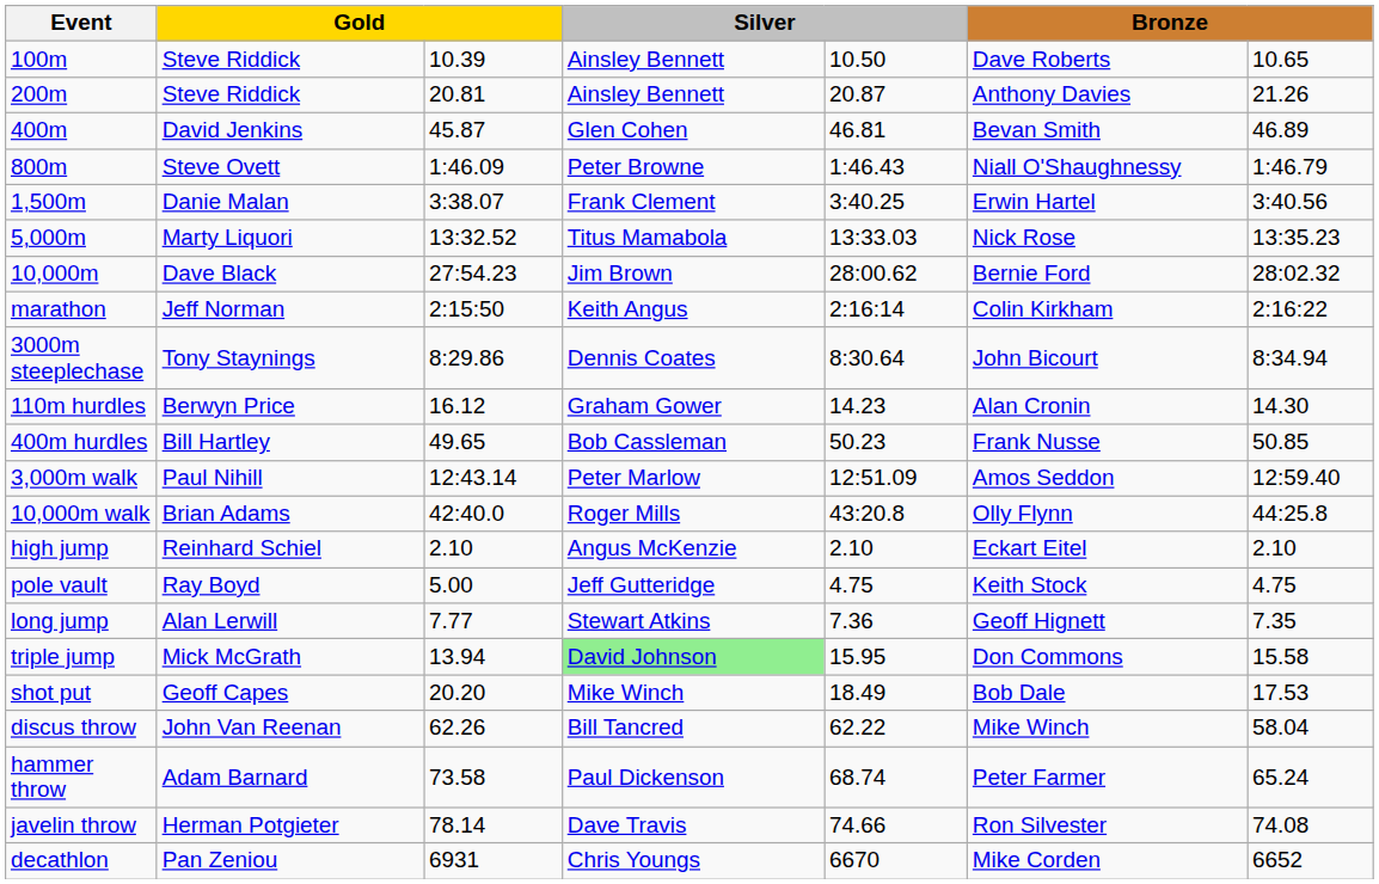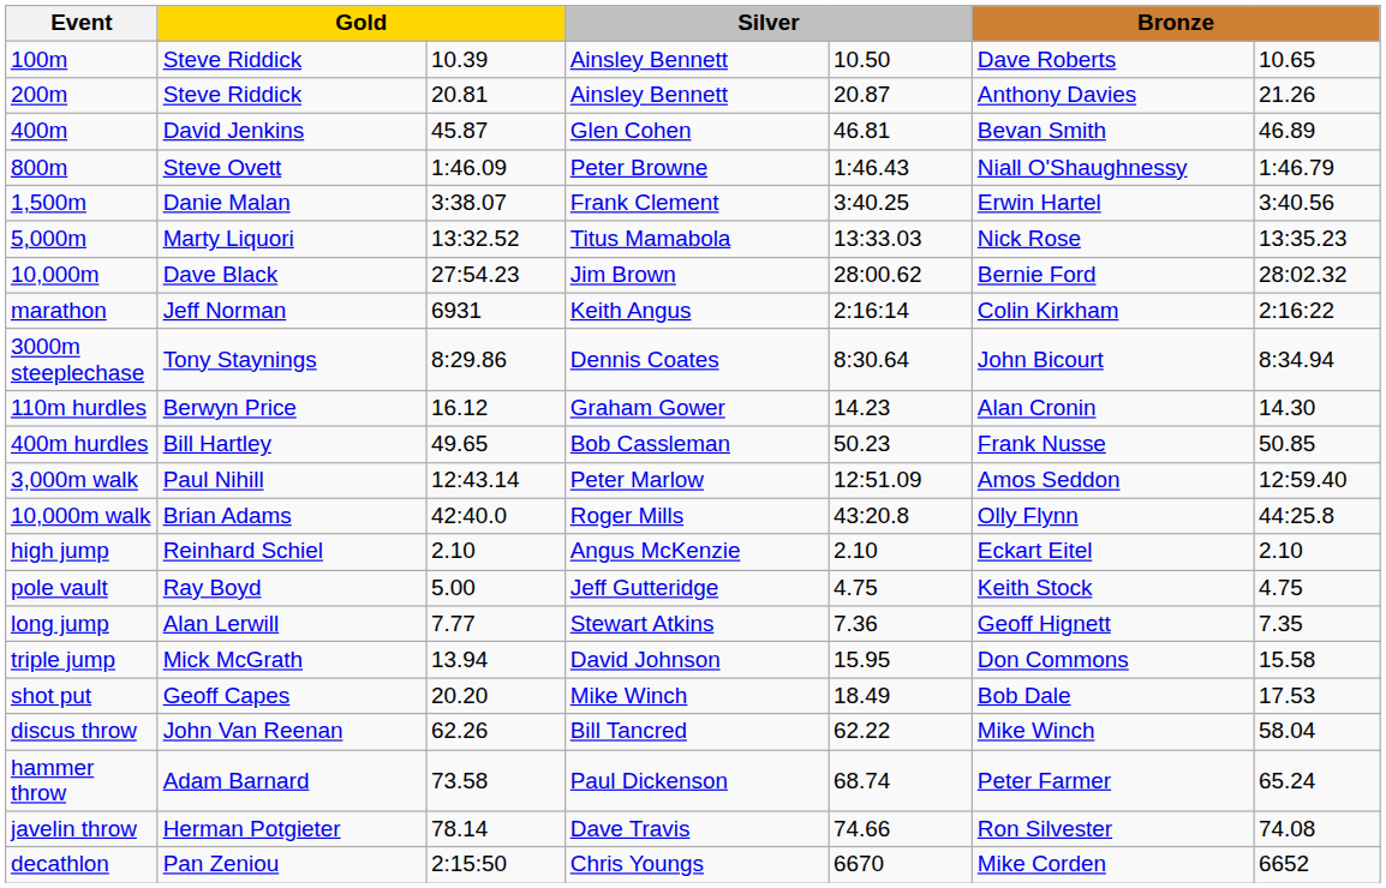 <table class="wikitable" style="text-align:left">
 <tr>
 <th width=100>Event</th>
 <th colspan="2" width="280" style="background:gold;">Gold</th>
 <th colspan="2" width="280" style="background:silver;">Silver</th>
 <th colspan="2" width="280" style="background:#CD7F32;">Bronze</th>
 </tr>
 <tr>
 <td><a href='#'>100m</a></td>
 <td> <a href='#'>Steve Riddick</a></td>
 <td>10.39</td>
 <td><a href='#'>Ainsley Bennett</a></td>
 <td>10.50</td>
 <td><a href='#'>Dave Roberts</a></td>
 <td>10.65</td>
 </tr>
 <tr>
 <td><a href='#'>200m</a></td>
 <td> <a href='#'>Steve Riddick</a></td>
 <td>20.81</td>
 <td><a href='#'>Ainsley Bennett</a></td>
 <td>20.87</td>
 <td> <a href='#'>Anthony Davies</a></td>
 <td>21.26</td>
 </tr>
 <tr>
 <td><a href='#'>400m</a></td>
 <td> <a href='#'>David Jenkins</a></td>
 <td>45.87</td>
 <td><a href='#'>Glen Cohen</a></td>
 <td>46.81</td>
 <td> <a href='#'>Bevan Smith</a></td>
 <td>46.89</td>
 </tr>
 <tr>
 <td><a href='#'>800m</a></td>
 <td><a href='#'>Steve Ovett</a></td>
 <td>1:46.09</td>
 <td><a href='#'>Peter Browne</a></td>
 <td>1:46.43</td>
 <td> <a href='#'>Niall O'Shaughnessy</a></td>
 <td>1:46.79</td>
 </tr>
 <tr>
 <td><a href='#'>1,500m</a></td>
 <td> <a href='#'>Danie Malan</a></td>
 <td>3:38.07</td>
 <td> <a href='#'>Frank Clement</a></td>
 <td>3:40.25</td>
 <td><a href='#'>Erwin Hartel</a></td>
 <td>3:40.56</td>
 </tr>
 <tr>
 <td><a href='#'>5,000m</a></td>
 <td> <a href='#'>Marty Liquori</a></td>
 <td>13:32.52</td>
 <td> <a href='#'>Titus Mamabola</a></td>
 <td>13:33.03</td>
 <td><a href='#'>Nick Rose</a></td>
 <td>13:35.23</td>
 </tr>
 <tr>
 <td><a href='#'>10,000m</a></td>
 <td><a href='#'>Dave Black</a></td>
 <td>27:54.23</td>
 <td><a href='#'>Jim Brown</a></td>
 <td>28:00.62</td>
 <td><a href='#'>Bernie Ford</a></td>
 <td>28:02.32</td>
 </tr>
 <tr>
 <td><a href='#'>marathon</a></td>
 <td><a href='#'>Jeff Norman</a></td>
-<td>2:15:50</td>
+<td>6931</td>
 <td><a href='#'>Keith Angus</a></td>
 <td>2:16:14</td>
 <td><a href='#'>Colin Kirkham</a></td>
 <td>2:16:22</td>
 </tr>
 <tr>
 <td><a href='#'>3000m steeplechase</a></td>
 <td><a href='#'>Tony Staynings</a></td>
 <td>8:29.86</td>
 <td><a href='#'>Dennis Coates</a></td>
 <td>8:30.64</td>
 <td><a href='#'>John Bicourt</a></td>
 <td>8:34.94</td>
 </tr>
 <tr>
 <td><a href='#'>110m hurdles</a></td>
 <td> <a href='#'>Berwyn Price</a></td>
 <td>16.12</td>
 <td><a href='#'>Graham Gower</a></td>
 <td>14.23</td>
 <td><a href='#'>Alan Cronin</a></td>
 <td>14.30</td>
 </tr>
 <tr>
 <td><a href='#'>400m hurdles</a></td>
 <td><a href='#'>Bill Hartley</a></td>
 <td>49.65</td>
 <td> <a href='#'>Bob Cassleman</a></td>
 <td>50.23</td>
 <td> <a href='#'>Frank Nusse</a></td>
 <td>50.85</td>
 </tr>
 <tr>
 <td><a href='#'>3,000m walk</a></td>
 <td><a href='#'>Paul Nihill</a></td>
 <td>12:43.14</td>
 <td><a href='#'>Peter Marlow</a></td>
 <td>12:51.09</td>
 <td><a href='#'>Amos Seddon</a></td>
 <td>12:59.40</td>
 </tr>
 <tr>
 <td><a href='#'>10,000m walk</a></td>
 <td><a href='#'>Brian Adams</a></td>
 <td>42:40.0</td>
 <td><a href='#'>Roger Mills</a></td>
 <td>43:20.8</td>
 <td><a href='#'>Olly Flynn</a></td>
 <td>44:25.8</td>
 </tr>
 <tr>
 <td><a href='#'>high jump</a></td>
 <td> <a href='#'>Reinhard Schiel</a></td>
 <td>2.10</td>
 <td> <a href='#'>Angus McKenzie</a></td>
 <td>2.10</td>
 <td> <a href='#'>Eckart Eitel</a></td>
 <td>2.10</td>
 </tr>
 <tr>
 <td><a href='#'>pole vault</a></td>
 <td> <a href='#'>Ray Boyd</a></td>
 <td>5.00</td>
 <td><a href='#'>Jeff Gutteridge</a></td>
 <td>4.75</td>
 <td><a href='#'>Keith Stock</a></td>
 <td>4.75</td>
 </tr>
 <tr>
 <td><a href='#'>long jump</a></td>
 <td><a href='#'>Alan Lerwill</a></td>
 <td>7.77</td>
 <td> <a href='#'>Stewart Atkins</a></td>
 <td>7.36</td>
 <td><a href='#'>Geoff Hignett</a></td>
 <td>7.35</td>
 </tr>
 <tr>
 <td><a href='#'>triple jump</a></td>
 <td> <a href='#'>Mick McGrath</a></td>
 <td>13.94</td>
-<td style="background: lightgreen;"><a href='#'>David Johnson</a></td>
+<td><a href='#'>David Johnson</a></td>
 <td>15.95</td>
 <td> <a href='#'>Don Commons</a></td>
 <td>15.58</td>
 </tr>
 <tr>
 <td><a href='#'>shot put</a></td>
 <td><a href='#'>Geoff Capes</a></td>
 <td>20.20</td>
 <td><a href='#'>Mike Winch</a></td>
 <td>18.49</td>
 <td><a href='#'>Bob Dale</a></td>
 <td>17.53</td>
 </tr>
 <tr>
 <td><a href='#'>discus throw</a></td>
 <td> <a href='#'>John Van Reenan</a></td>
 <td>62.26</td>
 <td><a href='#'>Bill Tancred</a></td>
 <td>62.22</td>
 <td><a href='#'>Mike Winch</a></td>
 <td>58.04</td>
 </tr>
 <tr>
 <td><a href='#'>hammer throw</a></td>
 <td> <a href='#'>Adam Barnard</a></td>
 <td>73.58</td>
 <td><a href='#'>Paul Dickenson</a></td>
 <td>68.74</td>
 <td> <a href='#'>Peter Farmer</a></td>
 <td>65.24</td>
 </tr>
 <tr>
 <td><a href='#'>javelin throw</a></td>
 <td> <a href='#'>Herman Potgieter</a></td>
 <td>78.14</td>
 <td><a href='#'>Dave Travis</a></td>
 <td>74.66</td>
 <td><a href='#'>Ron Silvester</a></td>
 <td>74.08</td>
 </tr>
 <tr>
 <td><a href='#'>decathlon</a></td>
 <td><a href='#'>Pan Zeniou</a></td>
-<td>6931</td>
+<td>2:15:50</td>
 <td><a href='#'>Chris Youngs</a></td>
 <td>6670</td>
 <td><a href='#'>Mike Corden</a></td>
 <td>6652</td>
 </tr>
 </table>
